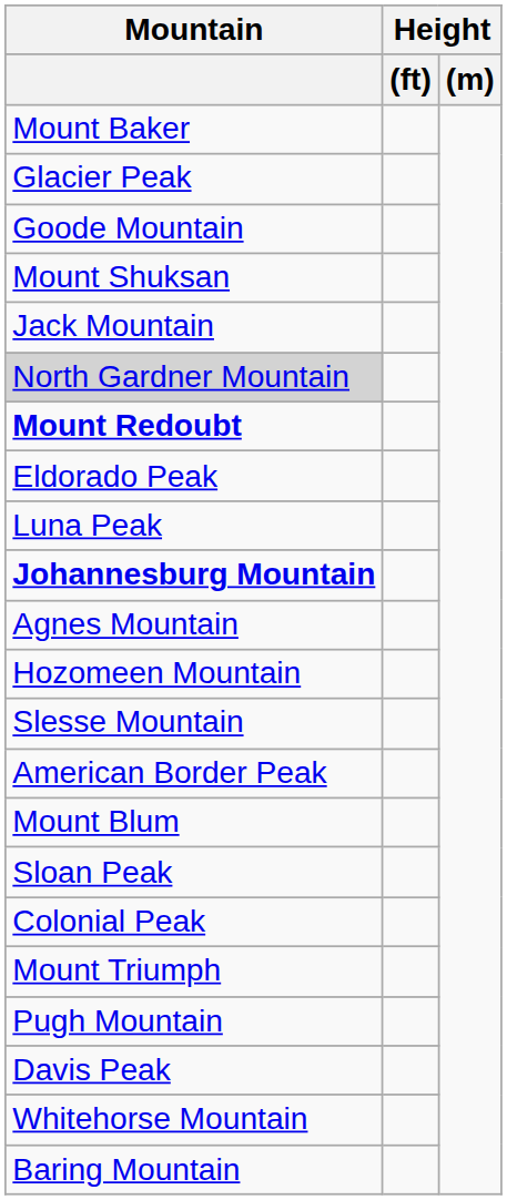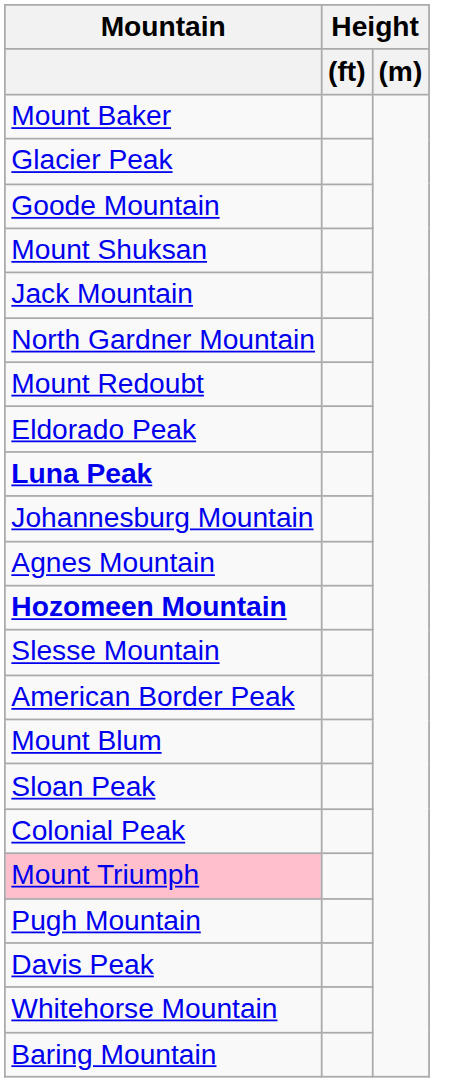 <table class="wikitable">
 <tr>
 <th>Mountain</th>
 <th colspan=2>Height</th>
 </tr>
 <tr>
 <th></th>
 <th>(ft)</th>
 <th>(m)</th>
 </tr>
 <tr>
 <td><a href='#'>Mount Baker</a></td>
 <td></td>
 </tr>
 <tr>
 <td><a href='#'>Glacier Peak</a></td>
 <td></td>
 </tr>
 <tr>
 <td><a href='#'>Goode Mountain</a></td>
 <td></td>
 </tr>
 <tr>
 <td><a href='#'>Mount Shuksan</a></td>
 <td></td>
 </tr>
 <tr>
 <td><a href='#'>Jack Mountain</a></td>
 <td></td>
 </tr>
 <tr>
-<td style="background: lightgrey;"><a href='#'>North Gardner Mountain</a></td>
+<td><a href='#'>North Gardner Mountain</a></td>
 <td></td>
 </tr>
 <tr>
-<td><strong><a href='#'>Mount Redoubt</a></strong></td>
+<td><a href='#'>Mount Redoubt</a></td>
 <td></td>
 </tr>
 <tr>
 <td><a href='#'>Eldorado Peak</a></td>
 <td></td>
 </tr>
 <tr>
-<td><a href='#'>Luna Peak</a></td>
+<td><strong><a href='#'>Luna Peak</a></strong></td>
 <td></td>
 </tr>
 <tr>
-<td><strong><a href='#'>Johannesburg Mountain</a></strong></td>
+<td><a href='#'>Johannesburg Mountain</a></td>
 <td></td>
 </tr>
 <tr>
 <td><a href='#'>Agnes Mountain</a></td>
 <td></td>
 </tr>
 <tr>
-<td><a href='#'>Hozomeen Mountain</a></td>
+<td><strong><a href='#'>Hozomeen Mountain</a></strong></td>
 <td></td>
 </tr>
 <tr>
 <td><a href='#'>Slesse Mountain</a></td>
 <td></td>
 </tr>
 <tr>
 <td><a href='#'>American Border Peak</a></td>
 <td></td>
 </tr>
 <tr>
 <td><a href='#'>Mount Blum</a></td>
 <td></td>
 </tr>
 <tr>
 <td><a href='#'>Sloan Peak</a></td>
 <td></td>
 </tr>
 <tr>
 <td><a href='#'>Colonial Peak</a></td>
 <td></td>
 </tr>
 <tr>
-<td><a href='#'>Mount Triumph</a></td>
+<td style="background: pink;"><a href='#'>Mount Triumph</a></td>
 <td></td>
 </tr>
 <tr>
 <td><a href='#'>Pugh Mountain</a></td>
 <td></td>
 </tr>
 <tr>
 <td><a href='#'>Davis Peak</a></td>
 <td></td>
 </tr>
 <tr>
 <td><a href='#'>Whitehorse Mountain</a></td>
 <td></td>
 </tr>
 <tr>
 <td><a href='#'>Baring Mountain</a></td>
 <td></td>
 </tr>
 </table>
